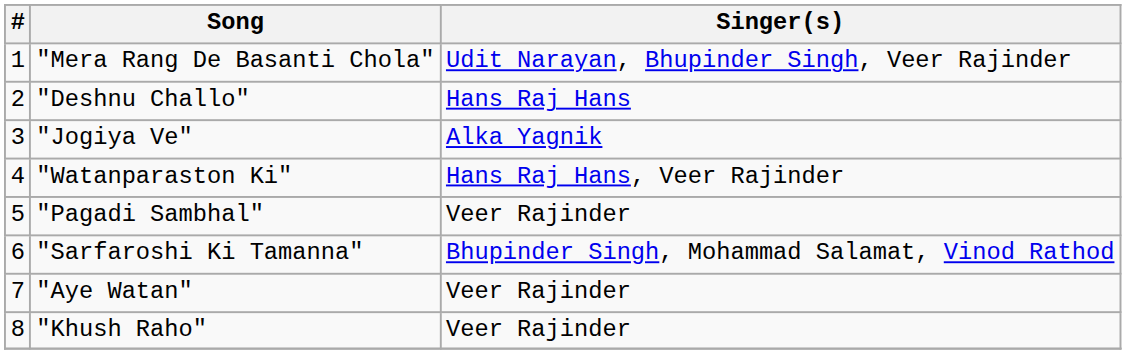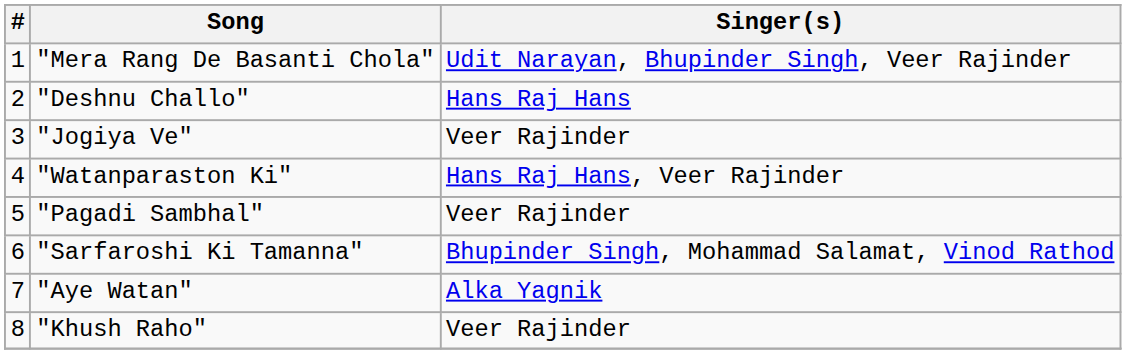 <table class="wikitable" style="font-size:95%;">
 <tr>
 <th>#</th>
 <th>Song</th>
 <th>Singer(s)</th>
 </tr>
 <tr>
 <td>1</td>
 <td>"Mera Rang De Basanti Chola"</td>
 <td><a href='#'>Udit Narayan</a>, <a href='#'>Bhupinder Singh</a>, Veer Rajinder</td>
 </tr>
 <tr>
 <td>2</td>
 <td>"Deshnu Challo"</td>
 <td><a href='#'>Hans Raj Hans</a></td>
 </tr>
 <tr>
 <td>3</td>
 <td>"Jogiya Ve"</td>
-<td><a href='#'>Alka Yagnik</a></td>
+<td>Veer Rajinder</td>
 </tr>
 <tr>
 <td>4</td>
 <td>"Watanparaston Ki"</td>
 <td><a href='#'>Hans Raj Hans</a>, Veer Rajinder</td>
 </tr>
 <tr>
 <td>5</td>
 <td>"Pagadi Sambhal"</td>
 <td>Veer Rajinder</td>
 </tr>
 <tr>
 <td>6</td>
 <td>"Sarfaroshi Ki Tamanna"</td>
 <td><a href='#'>Bhupinder Singh</a>, Mohammad Salamat, <a href='#'>Vinod Rathod</a></td>
 </tr>
 <tr>
 <td>7</td>
 <td>"Aye Watan"</td>
-<td>Veer Rajinder</td>
+<td><a href='#'>Alka Yagnik</a></td>
 </tr>
 <tr>
 <td>8</td>
 <td>"Khush Raho"</td>
 <td>Veer Rajinder</td>
 </tr>
 <tr>
 </tr>
 </table>
